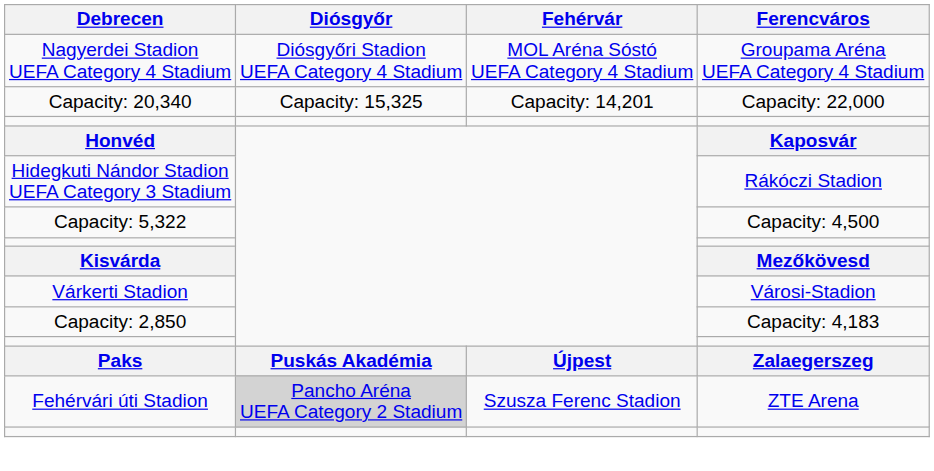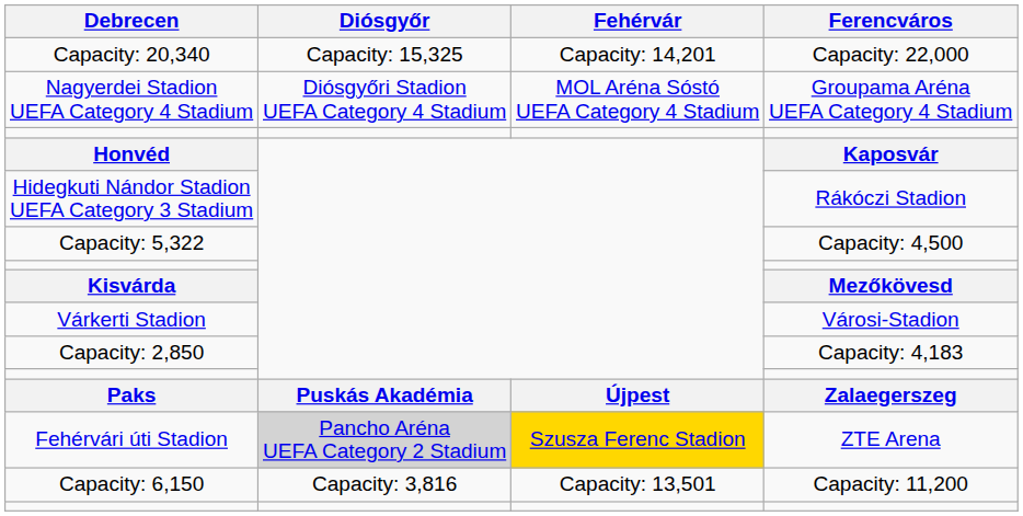 <table class="wikitable" style="text-align:center;">
 <tr>
 <th><a href='#'>Debrecen</a></th>
 <th><a href='#'>Diósgyőr</a></th>
 <th><a href='#'>Fehérvár</a></th>
 <th><a href='#'>Ferencváros</a></th>
 </tr>
 <tr>
+<td>Capacity: 20,340</td>
+<td>Capacity: 15,325</td>
+<td>Capacity: 14,201</td>
+<td>Capacity: 22,000</td>
+</tr>
+<tr>
 <td><a href='#'>Nagyerdei Stadion</a> <br><a href='#'>UEFA Category 4 Stadium</a></td>
 <td><a href='#'>Diósgyőri Stadion</a> <br><a href='#'>UEFA Category 4 Stadium</a></td>
 <td><a href='#'>MOL Aréna Sóstó</a> <br><a href='#'>UEFA Category 4 Stadium</a></td>
 <td><a href='#'>Groupama Aréna</a> <br><a href='#'>UEFA Category 4 Stadium</a></td>
-</tr>
-<tr>
-<td>Capacity: 20,340</td>
-<td>Capacity: 15,325</td>
-<td>Capacity: 14,201</td>
-<td>Capacity: 22,000</td>
 </tr>
 <tr>
 <td></td>
 <td></td>
 <td></td>
 <td></td>
 </tr>
 <tr>
 <th><a href='#'>Honvéd</a></th>
 <td colspan="2" rowspan="8"><br> </td>
 <th><a href='#'>Kaposvár</a></th>
 </tr>
 <tr>
 <td><a href='#'>Hidegkuti Nándor Stadion</a> <br><a href='#'>UEFA Category 3 Stadium</a></td>
 <td><a href='#'>Rákóczi Stadion</a></td>
 </tr>
 <tr>
 <td>Capacity: 5,322</td>
 <td>Capacity: 4,500</td>
 </tr>
 <tr>
 <td></td>
 <td></td>
 </tr>
 <tr>
 <th><a href='#'>Kisvárda</a></th>
 <th><a href='#'>Mezőkövesd</a></th>
 </tr>
 <tr>
 <td><a href='#'>Várkerti Stadion</a></td>
 <td><a href='#'>Városi-Stadion</a></td>
 </tr>
 <tr>
 <td>Capacity: 2,850</td>
 <td>Capacity: 4,183</td>
 </tr>
 <tr>
 <td></td>
 <td></td>
 </tr>
 <tr>
 <th><a href='#'>Paks</a></th>
 <th><a href='#'>Puskás Akadémia</a></th>
 <th><a href='#'>Újpest</a></th>
 <th><a href='#'>Zalaegerszeg</a></th>
 </tr>
 <tr>
 <td><a href='#'>Fehérvári úti Stadion</a></td>
 <td style="background: lightgrey;"><a href='#'>Pancho Aréna</a><br><a href='#'>UEFA Category 2 Stadium</a></td>
-<td><a href='#'>Szusza Ferenc Stadion</a></td>
+<td style="background: gold;"><a href='#'>Szusza Ferenc Stadion</a></td>
 <td><a href='#'>ZTE Arena</a></td>
+</tr>
+<tr>
+<td>Capacity: 6,150</td>
+<td>Capacity: 3,816</td>
+<td>Capacity: 13,501</td>
+<td>Capacity: 11,200</td>
 </tr>
 <tr>
 <td></td>
 <td></td>
 <td></td>
 <td></td>
 </tr>
 </table>
